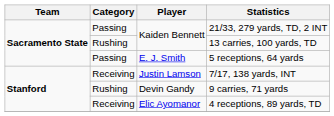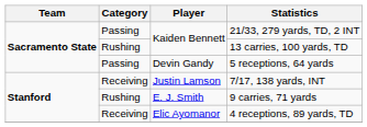 <table class="wikitable" style="float: right;">
 <tr>
 <th>Team</th>
 <th>Category</th>
 <th>Player</th>
 <th>Statistics</th>
 </tr>
 <tr>
 <td rowspan=3><strong>Sacramento State</strong></td>
 <td>Passing</td>
 <td rowspan="2">Kaiden Bennett</td>
 <td>21/33, 279 yards, TD, 2 INT</td>
 </tr>
 <tr>
 <td>Rushing</td>
 <td>13 carries, 100 yards, TD</td>
 </tr>
 <tr>
 <td>Passing</td>
-<td><a href='#'>E. J. Smith</a></td>
+<td>Devin Gandy</td>
 <td>5 receptions, 64 yards</td>
 </tr>
 <tr>
 <td rowspan=3><strong>Stanford</strong></td>
 <td>Receiving</td>
 <td><a href='#'>Justin Lamson</a></td>
 <td>7/17, 138 yards, INT</td>
 </tr>
 <tr>
 <td>Rushing</td>
-<td>Devin Gandy</td>
+<td><a href='#'>E. J. Smith</a></td>
 <td>9 carries, 71 yards</td>
 </tr>
 <tr>
 <td>Receiving</td>
 <td><a href='#'>Elic Ayomanor</a></td>
 <td>4 receptions, 89 yards, TD</td>
 </tr>
 <tr>
 </tr>
 </table>
